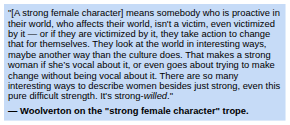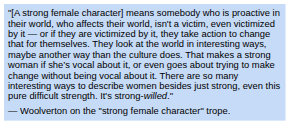 <table class="toccolours" style="float: right; margin-left: 1em; margin-right: 2em; font-size: 85%; background:#c6dbf7; color:black; width:30em; max-width: 40%;" cellspacing="5">
 <tr>
 <td style="text-align: left;">"[A strong female character] means somebody who is proactive in their world, who affects their world, isn't a victim, even victimized by it — or if they are victimized by it, they take action to change that for themselves. They look at the world in interesting ways, maybe another way than the culture does. That makes a strong woman if she’s vocal about it, or even goes about trying to make change without being vocal about it. There are so many interesting ways to describe women besides just strong, even this pure difficult strength. It's strong-<em>willed</em>."</td>
 </tr>
 <tr>
-<td style="text-align: left;"><strong>— Woolverton on the "strong female character" trope.</strong></td>
+<td style="text-align: left;">— Woolverton on the "strong female character" trope.</td>
 </tr>
 </table>
